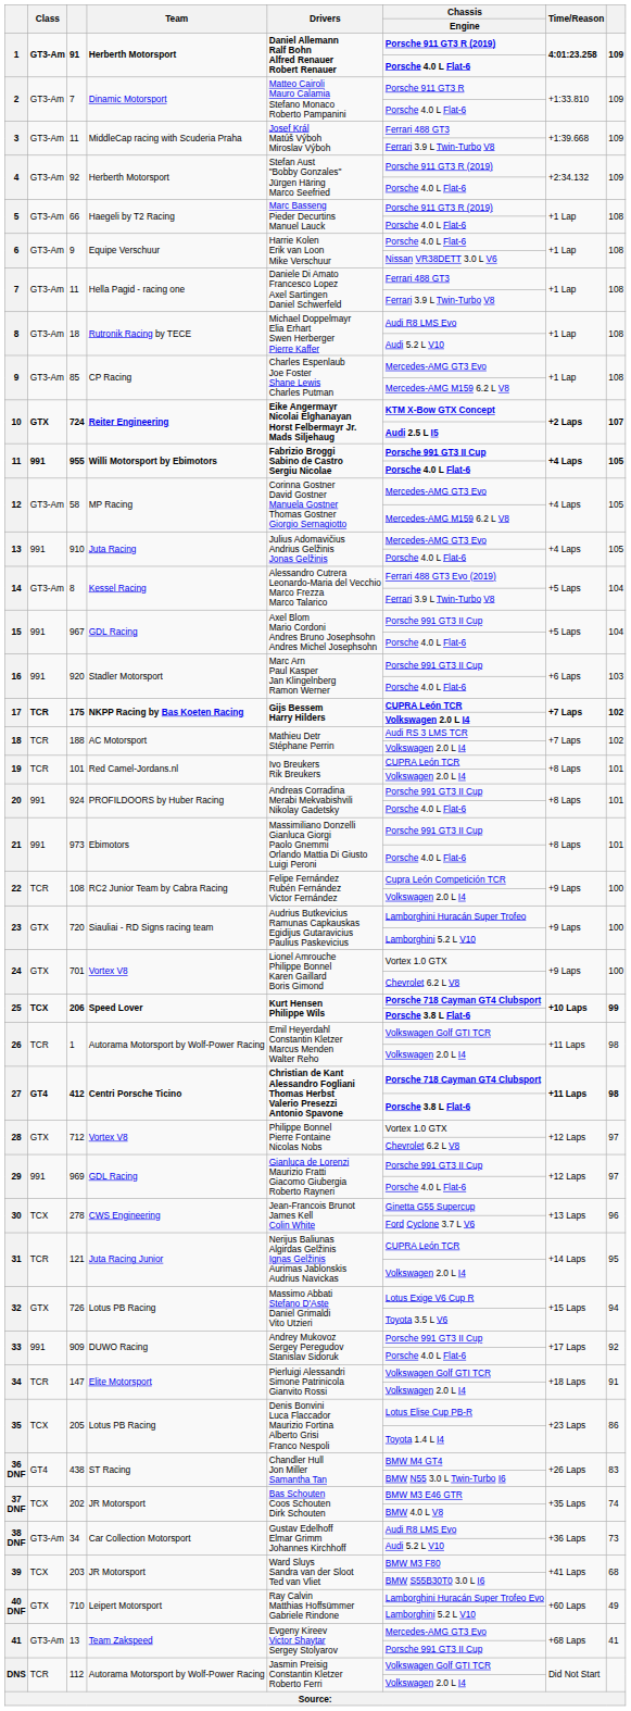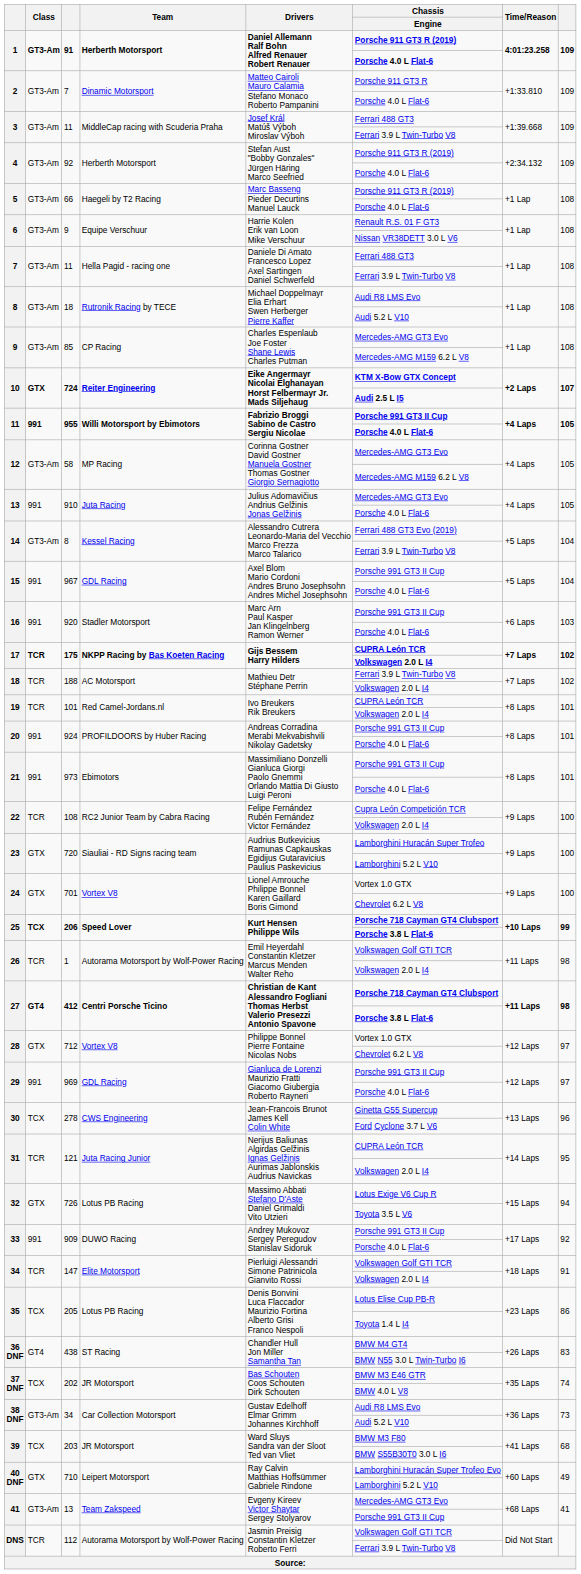 <table class="wikitable" style="font-size: 85%;">
 <tr>
 <th rowspan=2></th>
 <th rowspan=2>Class</th>
 <th rowspan=2></th>
 <th rowspan=2>Team</th>
 <th rowspan=2>Drivers</th>
 <th>Chassis</th>
 <th rowspan=2>Time/Reason</th>
 <th rowspan=2></th>
 </tr>
 <tr>
 <th>Engine</th>
 </tr>
 <tr style="font-weight:bold">
 <th rowspan=2>1</th>
 <td rowspan=2>GT3-Am</td>
 <td rowspan=2>91</td>
 <td rowspan=2> Herberth Motorsport</td>
 <td rowspan=2> Daniel Allemann<br> Ralf Bohn<br> Alfred Renauer<br> Robert Renauer</td>
 <td><a href='#'>Porsche 911 GT3 R (2019)</a></td>
 <td rowspan=2>4:01:23.258</td>
 <td rowspan=2>109</td>
 </tr>
 <tr style="font-weight:bold">
 <td><a href='#'>Porsche</a> 4.0 L <a href='#'>Flat-6</a></td>
 </tr>
 <tr>
 <th rowspan=2>2</th>
 <td rowspan=2>GT3-Am</td>
 <td rowspan=2>7</td>
 <td rowspan=2> <a href='#'>Dinamic Motorsport</a></td>
 <td rowspan=2> <a href='#'>Matteo Cairoli</a><br> <a href='#'>Mauro Calamia</a><br> Stefano Monaco<br> Roberto Pampanini</td>
 <td><a href='#'>Porsche 911 GT3 R</a></td>
 <td rowspan=2>+1:33.810</td>
 <td rowspan=2>109</td>
 </tr>
 <tr>
 <td><a href='#'>Porsche</a> 4.0 L <a href='#'>Flat-6</a></td>
 </tr>
 <tr>
 <th rowspan=2>3</th>
 <td rowspan=2>GT3-Am</td>
 <td rowspan=2>11</td>
 <td rowspan=2> MiddleCap racing with Scuderia Praha</td>
 <td rowspan=2> <a href='#'>Josef Král</a><br> Matúš Výboh<br> Miroslav Výboh</td>
 <td><a href='#'>Ferrari 488 GT3</a></td>
 <td rowspan=2>+1:39.668</td>
 <td rowspan=2>109</td>
 </tr>
 <tr>
 <td><a href='#'>Ferrari</a> 3.9 L <a href='#'>Twin-Turbo</a> <a href='#'>V8</a></td>
 </tr>
 <tr>
 <th rowspan=2>4</th>
 <td rowspan=2>GT3-Am</td>
 <td rowspan=2>92</td>
 <td rowspan=2> Herberth Motorsport</td>
 <td rowspan=2> Stefan Aust<br> "Bobby Gonzales"<br> Jürgen Häring<br> Marco Seefried</td>
 <td><a href='#'>Porsche 911 GT3 R (2019)</a></td>
 <td rowspan=2>+2:34.132</td>
 <td rowspan=2>109</td>
 </tr>
 <tr>
 <td><a href='#'>Porsche</a> 4.0 L <a href='#'>Flat-6</a></td>
 </tr>
 <tr>
 <th rowspan=2>5</th>
 <td rowspan=2>GT3-Am</td>
 <td rowspan=2>66</td>
 <td rowspan=2> Haegeli by T2 Racing</td>
 <td rowspan=2> <a href='#'>Marc Basseng</a><br> Pieder Decurtins<br> Manuel Lauck</td>
 <td><a href='#'>Porsche 911 GT3 R (2019)</a></td>
 <td rowspan=2>+1 Lap</td>
 <td rowspan=2>108</td>
 </tr>
 <tr>
 <td><a href='#'>Porsche</a> 4.0 L <a href='#'>Flat-6</a></td>
 </tr>
 <tr>
 <th rowspan=2>6</th>
 <td rowspan=2>GT3-Am</td>
 <td rowspan=2>9</td>
 <td rowspan=2> Equipe Verschuur</td>
 <td rowspan=2> Harrie Kolen<br> Erik van Loon<br> Mike Verschuur</td>
-<td><a href='#'>Porsche</a> 4.0 L <a href='#'>Flat-6</a></td>
+<td><a href='#'>Renault R.S. 01 F GT3</a></td>
 <td rowspan=2>+1 Lap</td>
 <td rowspan=2>108</td>
 </tr>
 <tr>
 <td><a href='#'>Nissan</a> <a href='#'>VR38DETT</a> 3.0 L <a href='#'>V6</a></td>
 </tr>
 <tr>
 <th rowspan=2>7</th>
 <td rowspan=2>GT3-Am</td>
 <td rowspan=2>11</td>
 <td rowspan=2> Hella Pagid - racing one</td>
 <td rowspan=2> Daniele Di Amato<br> Francesco Lopez<br> Axel Sartingen<br> Daniel Schwerfeld</td>
 <td><a href='#'>Ferrari 488 GT3</a></td>
 <td rowspan=2>+1 Lap</td>
 <td rowspan=2>108</td>
 </tr>
 <tr>
 <td><a href='#'>Ferrari</a> 3.9 L <a href='#'>Twin-Turbo</a> <a href='#'>V8</a></td>
 </tr>
 <tr>
 <th rowspan=2>8</th>
 <td rowspan=2>GT3-Am</td>
 <td rowspan=2>18</td>
 <td rowspan=2> <a href='#'>Rutronik Racing</a> by TECE</td>
 <td rowspan=2> Michael Doppelmayr<br> Elia Erhart<br> Swen Herberger<br> <a href='#'>Pierre Kaffer</a></td>
 <td><a href='#'>Audi R8 LMS Evo</a></td>
 <td rowspan=2>+1 Lap</td>
 <td rowspan=2>108</td>
 </tr>
 <tr>
 <td><a href='#'>Audi</a> 5.2 L <a href='#'>V10</a></td>
 </tr>
 <tr>
 <th rowspan=2>9</th>
 <td rowspan=2>GT3-Am</td>
 <td rowspan=2>85</td>
 <td rowspan=2> CP Racing</td>
 <td rowspan=2> Charles Espenlaub<br> Joe Foster<br> <a href='#'>Shane Lewis</a><br> Charles Putman</td>
 <td><a href='#'>Mercedes-AMG GT3 Evo</a></td>
 <td rowspan=2>+1 Lap</td>
 <td rowspan=2>108</td>
 </tr>
 <tr>
 <td><a href='#'>Mercedes-AMG M159</a> 6.2 L <a href='#'>V8</a></td>
 </tr>
 <tr style="font-weight:bold">
 <th rowspan=2>10</th>
 <td rowspan=2>GTX</td>
 <td rowspan=2>724</td>
 <td rowspan=2> <a href='#'>Reiter Engineering</a></td>
 <td rowspan=2> Eike Angermayr<br> Nicolai Elghanayan<br> Horst Felbermayr Jr.<br> Mads Siljehaug</td>
 <td><a href='#'>KTM X-Bow GTX Concept</a></td>
 <td rowspan=2>+2 Laps</td>
 <td rowspan=2>107</td>
 </tr>
 <tr style="font-weight:bold">
 <td><a href='#'>Audi</a> 2.5 L <a href='#'>I5</a></td>
 </tr>
 <tr style="font-weight:bold">
 <th rowspan=2>11</th>
 <td rowspan=2>991</td>
 <td rowspan=2>955</td>
 <td rowspan=2> Willi Motorsport by Ebimotors</td>
 <td rowspan=2> Fabrizio Broggi<br> Sabino de Castro<br> Sergiu Nicolae</td>
 <td><a href='#'>Porsche 991 GT3 II Cup</a></td>
 <td rowspan=2>+4 Laps</td>
 <td rowspan=2>105</td>
 </tr>
 <tr style="font-weight:bold">
 <td><a href='#'>Porsche</a> 4.0 L <a href='#'>Flat-6</a></td>
 </tr>
 <tr>
 <th rowspan=2>12</th>
 <td rowspan=2>GT3-Am</td>
 <td rowspan=2>58</td>
 <td rowspan=2> MP Racing</td>
 <td rowspan=2> Corinna Gostner<br> David Gostner<br> <a href='#'>Manuela Gostner</a><br> Thomas Gostner<br> <a href='#'>Giorgio Sernagiotto</a></td>
 <td><a href='#'>Mercedes-AMG GT3 Evo</a></td>
 <td rowspan=2>+4 Laps</td>
 <td rowspan=2>105</td>
 </tr>
 <tr>
 <td><a href='#'>Mercedes-AMG M159</a> 6.2 L <a href='#'>V8</a></td>
 </tr>
 <tr>
 <th rowspan=2>13</th>
 <td rowspan=2>991</td>
 <td rowspan=2>910</td>
 <td rowspan=2> <a href='#'>Juta Racing</a></td>
 <td rowspan=2> Julius Adomavičius<br> Andrius Gelžinis<br> <a href='#'>Jonas Gelžinis</a></td>
 <td><a href='#'>Mercedes-AMG GT3 Evo</a></td>
 <td rowspan=2>+4 Laps</td>
 <td rowspan=2>105</td>
 </tr>
 <tr>
 <td><a href='#'>Porsche</a> 4.0 L <a href='#'>Flat-6</a></td>
 </tr>
 <tr>
 <th rowspan=2>14</th>
 <td rowspan=2>GT3-Am</td>
 <td rowspan=2>8</td>
 <td rowspan=2> <a href='#'>Kessel Racing</a></td>
 <td rowspan=2> Alessandro Cutrera<br> Leonardo-Maria del Vecchio<br> Marco Frezza<br> Marco Talarico</td>
 <td><a href='#'>Ferrari 488 GT3 Evo (2019)</a></td>
 <td rowspan=2>+5 Laps</td>
 <td rowspan=2>104</td>
 </tr>
 <tr>
 <td><a href='#'>Ferrari</a> 3.9 L <a href='#'>Twin-Turbo</a> <a href='#'>V8</a></td>
 </tr>
 <tr>
 <th rowspan=2>15</th>
 <td rowspan=2>991</td>
 <td rowspan=2>967</td>
 <td rowspan=2> <a href='#'>GDL Racing</a></td>
 <td rowspan=2> Axel Blom<br> Mario Cordoni<br> Andres Bruno Josephsohn<br> Andres Michel Josephsohn</td>
 <td><a href='#'>Porsche 991 GT3 II Cup</a></td>
 <td rowspan=2>+5 Laps</td>
 <td rowspan=2>104</td>
 </tr>
 <tr>
 <td><a href='#'>Porsche</a> 4.0 L <a href='#'>Flat-6</a></td>
 </tr>
 <tr>
 <th rowspan=2>16</th>
 <td rowspan=2>991</td>
 <td rowspan=2>920</td>
 <td rowspan=2> Stadler Motorsport</td>
 <td rowspan=2> Marc Arn<br> Paul Kasper<br> Jan Klingelnberg<br> Ramon Werner</td>
 <td><a href='#'>Porsche 991 GT3 II Cup</a></td>
 <td rowspan=2>+6 Laps</td>
 <td rowspan=2>103</td>
 </tr>
 <tr>
 <td><a href='#'>Porsche</a> 4.0 L <a href='#'>Flat-6</a></td>
 </tr>
 <tr style="font-weight:bold">
 <th rowspan=2>17</th>
 <td rowspan=2>TCR</td>
 <td rowspan=2>175</td>
 <td rowspan=2> NKPP Racing by <a href='#'>Bas Koeten Racing</a></td>
 <td rowspan=2> Gijs Bessem<br> Harry Hilders</td>
 <td><a href='#'>CUPRA León TCR</a></td>
 <td rowspan=2>+7 Laps</td>
 <td rowspan=2>102</td>
 </tr>
 <tr style="font-weight:bold">
 <td><a href='#'>Volkswagen</a> 2.0 L <a href='#'>I4</a></td>
 </tr>
 <tr>
 <th rowspan=2>18</th>
 <td rowspan=2>TCR</td>
 <td rowspan=2>188</td>
 <td rowspan=2> AC Motorsport</td>
 <td rowspan=2> Mathieu Detr<br> Stéphane Perrin</td>
-<td><a href='#'>Audi RS 3 LMS TCR</a></td>
+<td><a href='#'>Ferrari</a> 3.9 L <a href='#'>Twin-Turbo</a> <a href='#'>V8</a></td>
 <td rowspan=2>+7 Laps</td>
 <td rowspan=2>102</td>
 </tr>
 <tr>
 <td><a href='#'>Volkswagen</a> 2.0 L <a href='#'>I4</a></td>
 </tr>
 <tr>
 <th rowspan=2>19</th>
 <td rowspan=2>TCR</td>
 <td rowspan=2>101</td>
 <td rowspan=2> Red Camel-Jordans.nl</td>
 <td rowspan=2> Ivo Breukers<br> Rik Breukers</td>
 <td><a href='#'>CUPRA León TCR</a></td>
 <td rowspan=2>+8 Laps</td>
 <td rowspan=2>101</td>
 </tr>
 <tr>
 <td><a href='#'>Volkswagen</a> 2.0 L <a href='#'>I4</a></td>
 </tr>
 <tr>
 <th rowspan=2>20</th>
 <td rowspan=2>991</td>
 <td rowspan=2>924</td>
 <td rowspan=2> PROFILDOORS by Huber Racing</td>
 <td rowspan=2> Andreas Corradina<br> Merabi Mekvabishvili<br> Nikolay Gadetsky</td>
 <td><a href='#'>Porsche 991 GT3 II Cup</a></td>
 <td rowspan=2>+8 Laps</td>
 <td rowspan=2>101</td>
 </tr>
 <tr>
 <td><a href='#'>Porsche</a> 4.0 L <a href='#'>Flat-6</a></td>
 </tr>
 <tr>
 <th rowspan=2>21</th>
 <td rowspan=2>991</td>
 <td rowspan=2>973</td>
 <td rowspan=2> Ebimotors</td>
 <td rowspan=2> Massimiliano Donzelli<br> Gianluca Giorgi<br> Paolo Gnemmi<br> Orlando Mattia Di Giusto<br> Luigi Peroni</td>
 <td><a href='#'>Porsche 991 GT3 II Cup</a></td>
 <td rowspan=2>+8 Laps</td>
 <td rowspan=2>101</td>
 </tr>
 <tr>
 <td><a href='#'>Porsche</a> 4.0 L <a href='#'>Flat-6</a></td>
 </tr>
 <tr>
 <th rowspan=2>22</th>
 <td rowspan=2>TCR</td>
 <td rowspan=2>108</td>
 <td rowspan=2> RC2 Junior Team by Cabra Racing</td>
 <td rowspan=2> Felipe Fernández<br> Rubén Fernández<br> Victor Fernández</td>
 <td><a href='#'>Cupra León Competición TCR</a></td>
 <td rowspan=2>+9 Laps</td>
 <td rowspan=2>100</td>
 </tr>
 <tr>
 <td><a href='#'>Volkswagen</a> 2.0 L <a href='#'>I4</a></td>
 </tr>
 <tr>
 <th rowspan=2>23</th>
 <td rowspan=2>GTX</td>
 <td rowspan=2>720</td>
 <td rowspan=2> Siauliai - RD Signs racing team</td>
 <td rowspan=2> Audrius Butkevicius<br> Ramunas Capkauskas<br> Egidijus Gutaravicius<br> Paulius Paskevicius</td>
 <td><a href='#'>Lamborghini Huracán Super Trofeo</a></td>
 <td rowspan=2>+9 Laps</td>
 <td rowspan=2>100</td>
 </tr>
 <tr>
 <td><a href='#'>Lamborghini</a> 5.2 L <a href='#'>V10</a></td>
 </tr>
 <tr>
 <th rowspan=2>24</th>
 <td rowspan=2>GTX</td>
 <td rowspan=2>701</td>
 <td rowspan=2> <a href='#'>Vortex V8</a></td>
 <td rowspan=2> Lionel Amrouche<br> Philippe Bonnel<br> Karen Gaillard<br> Boris Gimond</td>
 <td>Vortex 1.0 GTX</td>
 <td rowspan=2>+9 Laps</td>
 <td rowspan=2>100</td>
 </tr>
 <tr>
 <td><a href='#'>Chevrolet</a> 6.2 L <a href='#'>V8</a></td>
 </tr>
 <tr style="font-weight:bold">
 <th rowspan=2>25</th>
 <td rowspan=2>TCX</td>
 <td rowspan=2>206</td>
 <td rowspan=2> Speed Lover</td>
 <td rowspan=2> Kurt Hensen<br> Philippe Wils</td>
 <td><a href='#'>Porsche 718 Cayman GT4 Clubsport</a></td>
 <td rowspan=2>+10 Laps</td>
 <td rowspan=2>99</td>
 </tr>
 <tr style="font-weight:bold">
 <td><a href='#'>Porsche</a> 3.8 L <a href='#'>Flat-6</a></td>
 </tr>
 <tr>
 <th rowspan=2>26</th>
 <td rowspan=2>TCR</td>
 <td rowspan=2>1</td>
 <td rowspan=2> Autorama Motorsport by Wolf-Power Racing</td>
 <td rowspan=2> Emil Heyerdahl<br> Constantin Kletzer<br> Marcus Menden<br> Walter Reho</td>
 <td><a href='#'>Volkswagen Golf GTI TCR</a></td>
 <td rowspan=2>+11 Laps</td>
 <td rowspan=2>98</td>
 </tr>
 <tr>
 <td><a href='#'>Volkswagen</a> 2.0 L <a href='#'>I4</a></td>
 </tr>
 <tr style="font-weight:bold">
 <th rowspan=2>27</th>
 <td rowspan=2>GT4</td>
 <td rowspan=2>412</td>
 <td rowspan=2> Centri Porsche Ticino</td>
 <td rowspan=2> Christian de Kant<br> Alessandro Fogliani<br> Thomas Herbst<br> Valerio Presezzi<br> Antonio Spavone</td>
 <td><a href='#'>Porsche 718 Cayman GT4 Clubsport</a></td>
 <td rowspan=2>+11 Laps</td>
 <td rowspan=2>98</td>
 </tr>
 <tr style="font-weight:bold">
 <td><a href='#'>Porsche</a> 3.8 L <a href='#'>Flat-6</a></td>
 </tr>
 <tr>
 <th rowspan=2>28</th>
 <td rowspan=2>GTX</td>
 <td rowspan=2>712</td>
 <td rowspan=2> <a href='#'>Vortex V8</a></td>
 <td rowspan=2> Philippe Bonnel<br> Pierre Fontaine<br> Nicolas Nobs</td>
 <td>Vortex 1.0 GTX</td>
 <td rowspan=2>+12 Laps</td>
 <td rowspan=2>97</td>
 </tr>
 <tr>
 <td><a href='#'>Chevrolet</a> 6.2 L <a href='#'>V8</a></td>
 </tr>
 <tr>
 <th rowspan=2>29</th>
 <td rowspan=2>991</td>
 <td rowspan=2>969</td>
 <td rowspan=2> <a href='#'>GDL Racing</a></td>
 <td rowspan=2> <a href='#'>Gianluca de Lorenzi</a><br> Maurizio Fratti<br> Giacomo Giubergia<br> Roberto Rayneri</td>
 <td><a href='#'>Porsche 991 GT3 II Cup</a></td>
 <td rowspan=2>+12 Laps</td>
 <td rowspan=2>97</td>
 </tr>
 <tr>
 <td><a href='#'>Porsche</a> 4.0 L <a href='#'>Flat-6</a></td>
 </tr>
 <tr>
 <th rowspan=2>30</th>
 <td rowspan=2>TCX</td>
 <td rowspan=2>278</td>
 <td rowspan=2> <a href='#'>CWS Engineering</a></td>
 <td rowspan=2> Jean-Francois Brunot<br> James Kell<br> <a href='#'>Colin White</a></td>
 <td><a href='#'>Ginetta G55 Supercup</a></td>
 <td rowspan=2>+13 Laps</td>
 <td rowspan=2>96</td>
 </tr>
 <tr>
 <td><a href='#'>Ford</a> <a href='#'>Cyclone</a> 3.7 L <a href='#'>V6</a></td>
 </tr>
 <tr>
 <th rowspan=2>31</th>
 <td rowspan=2>TCR</td>
 <td rowspan=2>121</td>
 <td rowspan=2> <a href='#'>Juta Racing Junior</a></td>
 <td rowspan=2> Nerijus Baliunas<br> Algirdas Gelžinis<br> <a href='#'>Ignas Gelžinis</a><br> Aurimas Jablonskis<br> Audrius Navickas</td>
 <td><a href='#'>CUPRA León TCR</a></td>
 <td rowspan=2>+14 Laps</td>
 <td rowspan=2>95</td>
 </tr>
 <tr>
 <td><a href='#'>Volkswagen</a> 2.0 L <a href='#'>I4</a></td>
 </tr>
 <tr>
 <th rowspan=2>32</th>
 <td rowspan=2>GTX</td>
 <td rowspan=2>726</td>
 <td rowspan=2> Lotus PB Racing</td>
 <td rowspan=2> Massimo Abbati<br> <a href='#'>Stefano D'Aste</a><br> Daniel Grimaldi<br> Vito Utzieri</td>
 <td><a href='#'>Lotus Exige V6 Cup R</a></td>
 <td rowspan=2>+15 Laps</td>
 <td rowspan=2>94</td>
 </tr>
 <tr>
 <td><a href='#'>Toyota</a> 3.5 L <a href='#'>V6</a></td>
 </tr>
 <tr>
 <th rowspan=2>33</th>
 <td rowspan=2>991</td>
 <td rowspan=2>909</td>
 <td rowspan=2> DUWO Racing</td>
 <td rowspan=2> Andrey Mukovoz<br> Sergey Peregudov<br> Stanislav Sidoruk</td>
 <td><a href='#'>Porsche 991 GT3 II Cup</a></td>
 <td rowspan=2>+17 Laps</td>
 <td rowspan=2>92</td>
 </tr>
 <tr>
 <td><a href='#'>Porsche</a> 4.0 L <a href='#'>Flat-6</a></td>
 </tr>
 <tr>
 <th rowspan=2>34</th>
 <td rowspan=2>TCR</td>
 <td rowspan=2>147</td>
 <td rowspan=2> <a href='#'>Elite Motorsport</a></td>
 <td rowspan=2> Pierluigi Alessandri<br> Simone Patrinicola<br> Gianvito Rossi</td>
 <td><a href='#'>Volkswagen Golf GTI TCR</a></td>
 <td rowspan=2>+18 Laps</td>
 <td rowspan=2>91</td>
 </tr>
 <tr>
 <td><a href='#'>Volkswagen</a> 2.0 L <a href='#'>I4</a></td>
 </tr>
 <tr>
 <th rowspan=2>35</th>
 <td rowspan=2>TCX</td>
 <td rowspan=2>205</td>
 <td rowspan=2> Lotus PB Racing</td>
 <td rowspan=2> Denis Bonvini<br> Luca Flaccador<br> Maurizio Fortina<br> Alberto Grisi<br> Franco Nespoli</td>
 <td><a href='#'>Lotus Elise Cup PB-R</a></td>
 <td rowspan=2>+23 Laps</td>
 <td rowspan=2>86</td>
 </tr>
 <tr>
 <td><a href='#'>Toyota</a> 1.4 L <a href='#'>I4</a></td>
 </tr>
 <tr>
 <th rowspan=2>36<br>DNF</th>
 <td rowspan=2>GT4</td>
 <td rowspan=2>438</td>
 <td rowspan=2> ST Racing</td>
 <td rowspan=2> Chandler Hull<br> Jon Miller<br> <a href='#'>Samantha Tan</a></td>
 <td><a href='#'>BMW M4 GT4</a></td>
 <td rowspan=2>+26 Laps</td>
 <td rowspan=2>83</td>
 </tr>
 <tr>
 <td><a href='#'>BMW</a> <a href='#'>N55</a> 3.0 L <a href='#'>Twin-Turbo</a> <a href='#'>I6</a></td>
 </tr>
 <tr>
 <th rowspan=2>37<br>DNF</th>
 <td rowspan=2>TCX</td>
 <td rowspan=2>202</td>
 <td rowspan=2> JR Motorsport</td>
 <td rowspan=2> <a href='#'>Bas Schouten</a><br> Coos Schouten<br> Dirk Schouten</td>
 <td><a href='#'>BMW M3 E46 GTR</a></td>
 <td rowspan=2>+35 Laps</td>
 <td rowspan=2>74</td>
 </tr>
 <tr>
 <td><a href='#'>BMW</a> 4.0 L <a href='#'>V8</a></td>
 </tr>
 <tr>
 <th rowspan=2>38<br>DNF</th>
 <td rowspan=2>GT3-Am</td>
 <td rowspan=2>34</td>
 <td rowspan=2> Car Collection Motorsport</td>
 <td rowspan=2> Gustav Edelhoff<br> Elmar Grimm<br> Johannes Kirchhoff</td>
 <td><a href='#'>Audi R8 LMS Evo</a></td>
 <td rowspan=2>+36 Laps</td>
 <td rowspan=2>73</td>
 </tr>
 <tr>
 <td><a href='#'>Audi</a> 5.2 L <a href='#'>V10</a></td>
 </tr>
 <tr>
 <th rowspan=2>39</th>
 <td rowspan=2>TCX</td>
 <td rowspan=2>203</td>
 <td rowspan=2> JR Motorsport</td>
 <td rowspan=2> Ward Sluys<br> Sandra van der Sloot<br> Ted van Vliet</td>
 <td><a href='#'>BMW M3 F80</a></td>
 <td rowspan=2>+41 Laps</td>
 <td rowspan=2>68</td>
 </tr>
 <tr>
 <td><a href='#'>BMW</a> <a href='#'>S55B30T0</a> 3.0 L <a href='#'>I6</a></td>
 </tr>
 <tr>
 <th rowspan=2>40<br>DNF</th>
 <td rowspan=2>GTX</td>
 <td rowspan=2>710</td>
 <td rowspan=2> Leipert Motorsport</td>
 <td rowspan=2> Ray Calvin<br> Matthias Hoffsümmer<br> Gabriele Rindone</td>
 <td><a href='#'>Lamborghini Huracán Super Trofeo Evo</a></td>
 <td rowspan=2>+60 Laps</td>
 <td rowspan=2>49</td>
 </tr>
 <tr>
 <td><a href='#'>Lamborghini</a> 5.2 L <a href='#'>V10</a></td>
 </tr>
 <tr>
 <th rowspan=2>41</th>
 <td rowspan=2>GT3-Am</td>
 <td rowspan=2>13</td>
 <td rowspan=2> <a href='#'>Team Zakspeed</a></td>
 <td rowspan=2> Evgeny Kireev<br> <a href='#'>Victor Shaytar</a><br> Sergey Stolyarov</td>
 <td><a href='#'>Mercedes-AMG GT3 Evo</a></td>
 <td rowspan=2>+68 Laps</td>
 <td rowspan=2>41</td>
 </tr>
 <tr>
 <td><a href='#'>Porsche 991 GT3 II Cup</a></td>
 </tr>
 <tr>
 <th rowspan=2>DNS</th>
 <td rowspan=2>TCR</td>
 <td rowspan=2>112</td>
 <td rowspan=2> Autorama Motorsport by Wolf-Power Racing</td>
 <td rowspan=2> Jasmin Preisig<br> Constantin Kletzer<br> Roberto Ferri</td>
 <td><a href='#'>Volkswagen Golf GTI TCR</a></td>
 <td rowspan=2>Did Not Start</td>
 <td rowspan=2></td>
 </tr>
 <tr>
-<td><a href='#'>Volkswagen</a> 2.0 L <a href='#'>I4</a></td>
+<td><a href='#'>Ferrari</a> 3.9 L <a href='#'>Twin-Turbo</a> <a href='#'>V8</a></td>
 </tr>
 <tr>
 <th colspan=8>Source:</th>
 </tr>
 </table>
